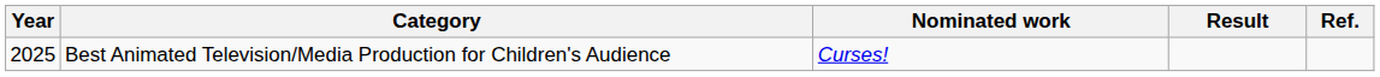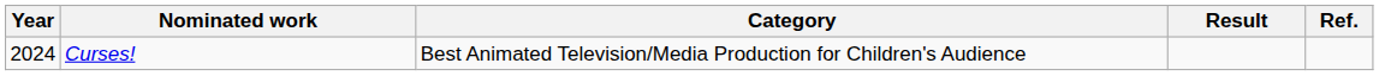 <table class="wikitable" style="width:85%;">
 <tr>
 <th style="width:4%;">Year</th>
+<th style="width:26%;">Nominated work</th>
 <th style="width:55%;">Category</th>
-<th style="width:26%;">Nominated work</th>
 <th style="width:10%;">Result</th>
 <th width=5%>Ref.</th>
 </tr>
 <tr>
-<td>2025</td>
+<td>2024</td>
+<td><em><a href='#'>Curses!</a></em></td>
 <td>Best Animated Television/Media Production for Children's Audience</td>
-<td><em><a href='#'>Curses!</a></em></td>
 <td></td>
 <td align="center"></td>
 </tr>
 </table>
